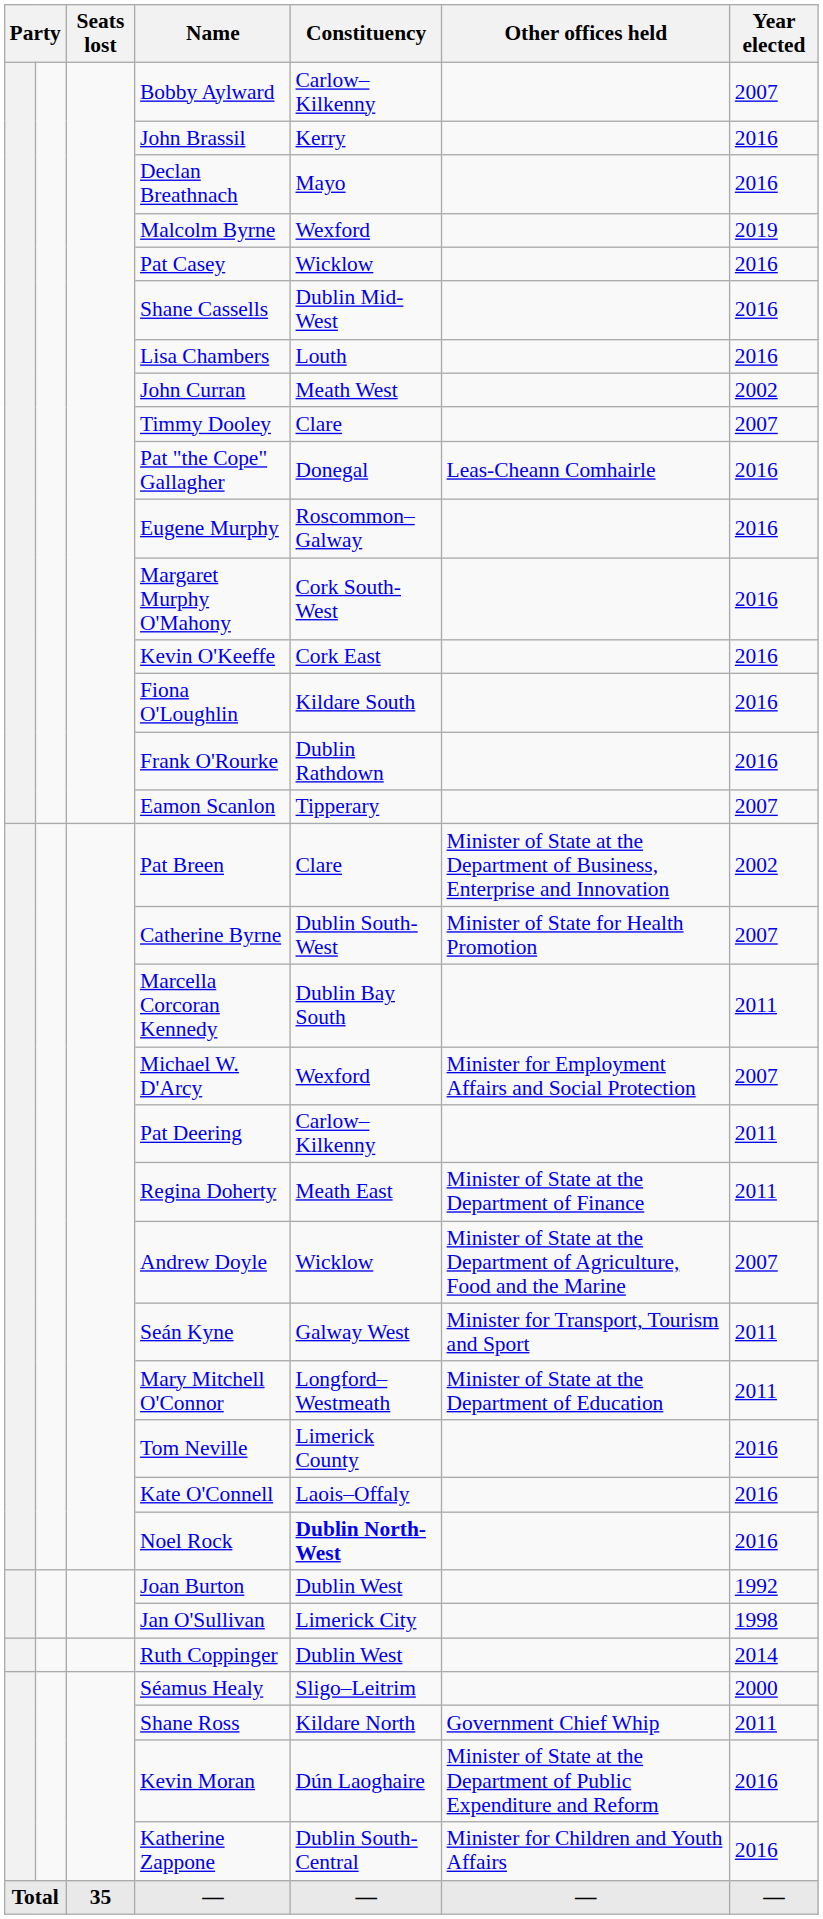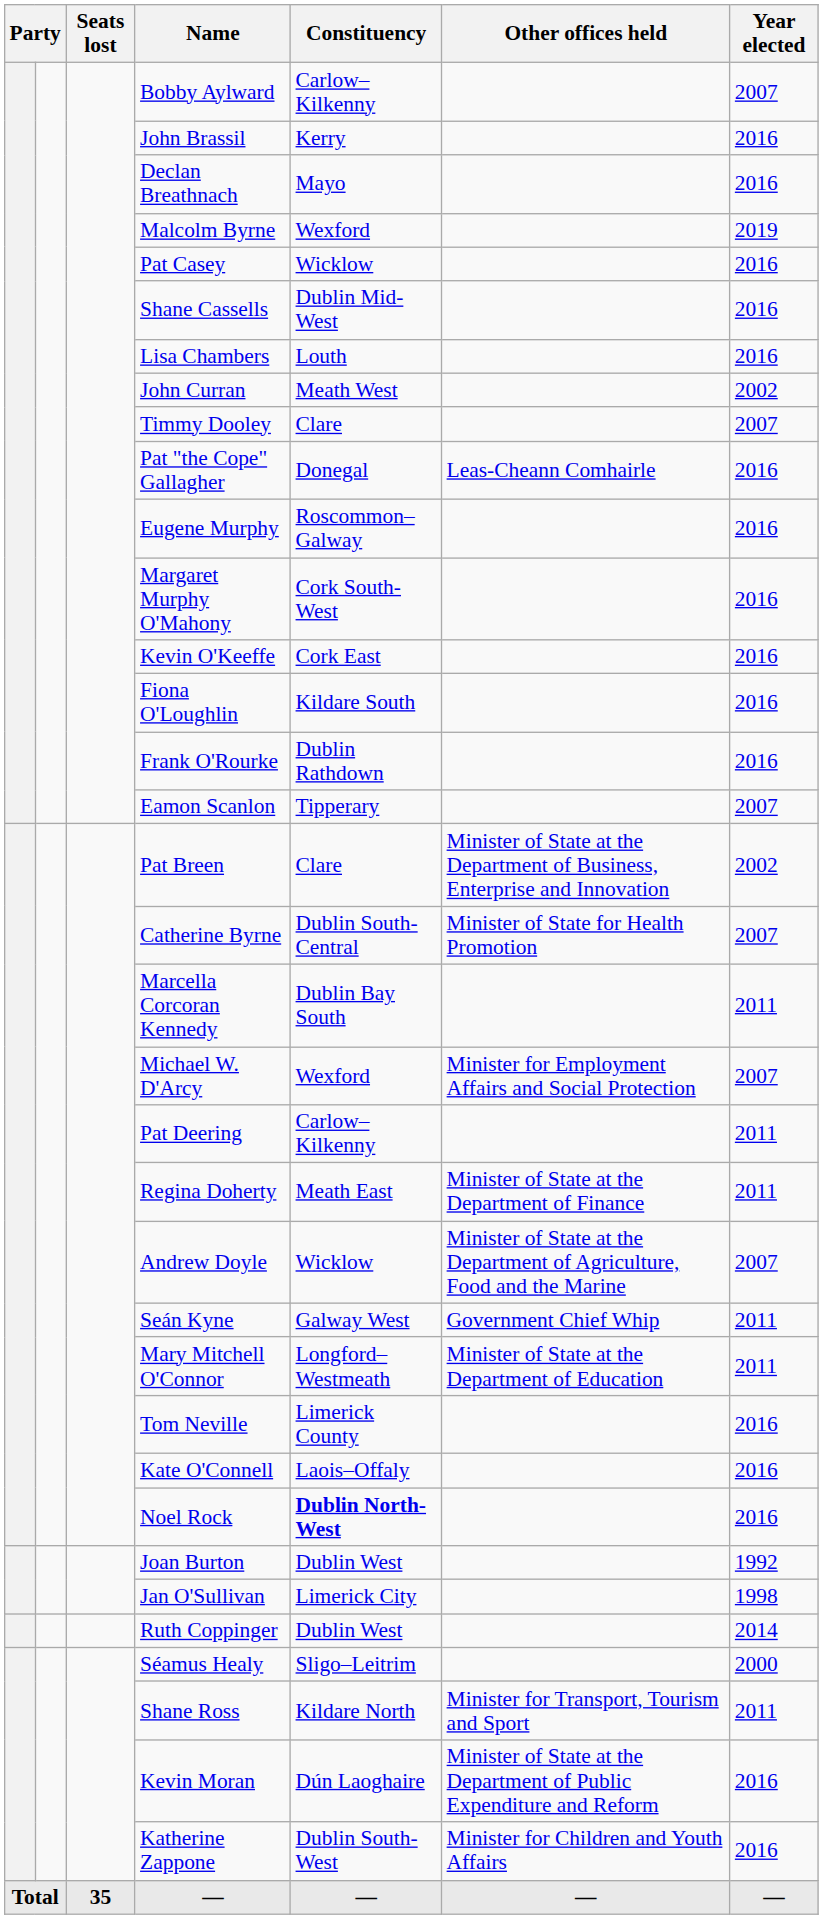 <table class="wikitable sortable" style="font-size: 100%;">
 <tr>
 <th colspan=2>Party</th>
 <th>Seats lost</th>
 <th>Name</th>
 <th>Constituency</th>
 <th>Other offices held</th>
 <th>Year elected</th>
 </tr>
 <tr>
 <th rowspan="16" style="background-color: "></th>
 <td rowspan="16"></td>
 <td rowspan="16"></td>
 <td data-sort-value="Aylward, Bobby"><a href='#'>Bobby Aylward</a></td>
 <td><a href='#'>Carlow–Kilkenny</a></td>
 <td></td>
 <td><a href='#'>2007</a></td>
 </tr>
 <tr>
 <td data-sort-value="Brassil, John"><a href='#'>John Brassil</a></td>
 <td><a href='#'>Kerry</a></td>
 <td></td>
 <td><a href='#'>2016</a></td>
 </tr>
 <tr>
 <td data-sort-value="Breathnach, Declan"><a href='#'>Declan Breathnach</a></td>
 <td><a href='#'>Mayo</a></td>
 <td></td>
 <td><a href='#'>2016</a></td>
 </tr>
 <tr>
 <td data-sort-value="Byrne, Malcolm"><a href='#'>Malcolm Byrne</a></td>
 <td><a href='#'>Wexford</a></td>
 <td></td>
 <td><a href='#'>2019</a></td>
 </tr>
 <tr>
 <td data-sort-value="Casey, Pat"><a href='#'>Pat Casey</a></td>
 <td><a href='#'>Wicklow</a></td>
 <td></td>
 <td><a href='#'>2016</a></td>
 </tr>
 <tr>
 <td data-sort-value="Cassells, Shane"><a href='#'>Shane Cassells</a></td>
 <td><a href='#'>Dublin Mid-West</a></td>
 <td></td>
 <td><a href='#'>2016</a></td>
 </tr>
 <tr>
 <td data-sort-value="Chambers, Lisa"><a href='#'>Lisa Chambers</a></td>
 <td><a href='#'>Louth</a></td>
 <td></td>
 <td><a href='#'>2016</a></td>
 </tr>
 <tr>
 <td data-sort-value="Curran, John"><a href='#'>John Curran</a></td>
 <td><a href='#'>Meath West</a></td>
 <td></td>
 <td><a href='#'>2002</a></td>
 </tr>
 <tr>
 <td data-sort-value="Dooley, Timmy"><a href='#'>Timmy Dooley</a></td>
 <td><a href='#'>Clare</a></td>
 <td></td>
 <td><a href='#'>2007</a></td>
 </tr>
 <tr>
 <td data-sort-value="Gallagher, Pat"><a href='#'>Pat "the Cope" Gallagher</a></td>
 <td><a href='#'>Donegal</a></td>
 <td><a href='#'>Leas-Cheann Comhairle</a></td>
 <td><a href='#'>2016</a></td>
 </tr>
 <tr>
 <td data-sort-value="Murphy, Eugene"><a href='#'>Eugene Murphy</a></td>
 <td><a href='#'>Roscommon–Galway</a></td>
 <td></td>
 <td><a href='#'>2016</a></td>
 </tr>
 <tr>
 <td data-sort-value="Murphy O'Mahony, Margaret"><a href='#'>Margaret Murphy O'Mahony</a></td>
 <td><a href='#'>Cork South-West</a></td>
 <td></td>
 <td><a href='#'>2016</a></td>
 </tr>
 <tr>
 <td data-sort-value="O'Keeffe, Kevin"><a href='#'>Kevin O'Keeffe</a></td>
 <td><a href='#'>Cork East</a></td>
 <td></td>
 <td><a href='#'>2016</a></td>
 </tr>
 <tr>
 <td data-sort-value="O'Loughlin, Fiona"><a href='#'>Fiona O'Loughlin</a></td>
 <td><a href='#'>Kildare South</a></td>
 <td></td>
 <td><a href='#'>2016</a></td>
 </tr>
 <tr>
 <td data-sort-value="O'Rourke, Frank"><a href='#'>Frank O'Rourke</a></td>
 <td><a href='#'>Dublin Rathdown</a></td>
 <td></td>
 <td><a href='#'>2016</a></td>
 </tr>
 <tr>
 <td data-sort-value="Scanlon, Eamon"><a href='#'>Eamon Scanlon</a></td>
 <td><a href='#'>Tipperary</a></td>
 <td></td>
 <td><a href='#'>2007</a></td>
 </tr>
 <tr>
 <th rowspan="12" style="background-color: "></th>
 <td rowspan="12"></td>
 <td rowspan="12"></td>
 <td data-sort-value="Breen, Pat"><a href='#'>Pat Breen</a></td>
 <td><a href='#'>Clare</a></td>
 <td><a href='#'>Minister of State at the Department of Business, Enterprise and Innovation</a></td>
 <td><a href='#'>2002</a></td>
 </tr>
 <tr>
 <td data-sort-value="Byrne, Catherine"><a href='#'>Catherine Byrne</a></td>
-<td><a href='#'>Dublin South-West</a></td>
+<td><a href='#'>Dublin South-Central</a></td>
 <td><a href='#'>Minister of State for Health Promotion</a></td>
 <td><a href='#'>2007</a></td>
 </tr>
 <tr>
 <td data-sort-value="Corcoran Kennedy, Marcella"><a href='#'>Marcella Corcoran Kennedy</a></td>
 <td><a href='#'>Dublin Bay South</a></td>
 <td></td>
 <td><a href='#'>2011</a></td>
 </tr>
 <tr>
 <td data-sort-value="D'Arcy, Michael W"><a href='#'>Michael W. D'Arcy</a></td>
 <td><a href='#'>Wexford</a></td>
 <td><a href='#'>Minister for Employment Affairs and Social Protection</a></td>
 <td><a href='#'>2007</a></td>
 </tr>
 <tr>
 <td data-sort-value="Deering, Pat"><a href='#'>Pat Deering</a></td>
 <td><a href='#'>Carlow–Kilkenny</a></td>
 <td></td>
 <td><a href='#'>2011</a></td>
 </tr>
 <tr>
 <td data-sort-value="Doherty, Regina"><a href='#'>Regina Doherty</a></td>
 <td><a href='#'>Meath East</a></td>
 <td><a href='#'>Minister of State at the Department of Finance</a></td>
 <td><a href='#'>2011</a></td>
 </tr>
 <tr>
 <td data-sort-value="Doyle, Andrew"><a href='#'>Andrew Doyle</a></td>
 <td><a href='#'>Wicklow</a></td>
 <td><a href='#'>Minister of State at the Department of Agriculture, Food and the Marine</a></td>
 <td><a href='#'>2007</a></td>
 </tr>
 <tr>
 <td data-sort-value="Kyne, Seán"><a href='#'>Seán Kyne</a></td>
 <td><a href='#'>Galway West</a></td>
-<td><a href='#'>Minister for Transport, Tourism and Sport</a></td>
+<td><a href='#'>Government Chief Whip</a></td>
 <td><a href='#'>2011</a></td>
 </tr>
 <tr>
 <td data-sort-value="Mitchell O'Connor, Mary"><a href='#'>Mary Mitchell O'Connor</a></td>
 <td><a href='#'>Longford–Westmeath</a></td>
 <td><a href='#'>Minister of State at the Department of Education</a></td>
 <td><a href='#'>2011</a></td>
 </tr>
 <tr>
 <td data-sort-value="Neville, Tom"><a href='#'>Tom Neville</a></td>
 <td><a href='#'>Limerick County</a></td>
 <td></td>
 <td><a href='#'>2016</a></td>
 </tr>
 <tr>
 <td data-sort-value="O'Connell, Kate"><a href='#'>Kate O'Connell</a></td>
 <td><a href='#'>Laois–Offaly</a></td>
 <td></td>
 <td><a href='#'>2016</a></td>
 </tr>
 <tr>
 <td data-sort-value="Rock, Noel"><a href='#'>Noel Rock</a></td>
 <td><strong><a href='#'>Dublin North-West</a></strong></td>
 <td></td>
 <td><a href='#'>2016</a></td>
 </tr>
 <tr>
 <th rowspan="2" style="background-color: "></th>
 <td rowspan="2"></td>
 <td rowspan="2"></td>
 <td data-sort-value="Burton, Joan"><a href='#'>Joan Burton</a></td>
 <td><a href='#'>Dublin West</a></td>
 <td></td>
 <td><a href='#'>1992</a></td>
 </tr>
 <tr>
 <td data-sort-value="O'Sullivan, Jan"><a href='#'>Jan O'Sullivan</a></td>
 <td><a href='#'>Limerick City</a></td>
 <td></td>
 <td><a href='#'>1998</a></td>
 </tr>
 <tr>
 <th rowspan="1" style="background-color: "></th>
 <td rowspan="1"></td>
 <td rowspan="1"></td>
 <td data-sort-value="Coppinger, Ruth"><a href='#'>Ruth Coppinger</a></td>
 <td><a href='#'>Dublin West</a></td>
 <td></td>
 <td><a href='#'>2014</a></td>
 </tr>
 <tr>
 <th rowspan="4" style="background-color: "></th>
 <td rowspan="4"></td>
 <td rowspan="4"></td>
 <td data-sort-value="Healy, Séamus"><a href='#'>Séamus Healy</a></td>
 <td><a href='#'>Sligo–Leitrim</a></td>
 <td></td>
 <td><a href='#'>2000</a></td>
 </tr>
 <tr>
 <td data-sort-value="Ross, Shane"><a href='#'>Shane Ross</a></td>
 <td><a href='#'>Kildare North</a></td>
-<td><a href='#'>Government Chief Whip</a></td>
+<td><a href='#'>Minister for Transport, Tourism and Sport</a></td>
 <td><a href='#'>2011</a></td>
 </tr>
 <tr>
 <td data-sort-value="Moran, Kevin"><a href='#'>Kevin Moran</a></td>
 <td><a href='#'>Dún Laoghaire</a></td>
 <td><a href='#'>Minister of State at the Department of Public Expenditure and Reform</a></td>
 <td><a href='#'>2016</a></td>
 </tr>
 <tr>
 <td data-sort-value="Zappone, Katherine"><a href='#'>Katherine Zappone</a></td>
-<td><a href='#'>Dublin South-Central</a></td>
+<td><a href='#'>Dublin South-West</a></td>
 <td><a href='#'>Minister for Children and Youth Affairs</a></td>
 <td><a href='#'>2016</a></td>
 </tr>
 <tr class="unsortable">
 <th colspan=2 style="background-color:#E9E9E9">Total</th>
 <th style="background-color:#E9E9E9">35</th>
 <th style="background-color:#E9E9E9">—</th>
 <th style="background-color:#E9E9E9">—</th>
 <th style="background-color:#E9E9E9">—</th>
 <th style="background-color:#E9E9E9">—</th>
 </tr>
 </table>
